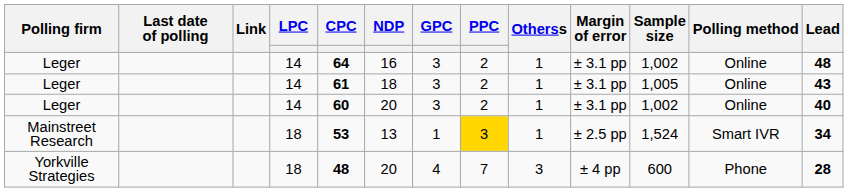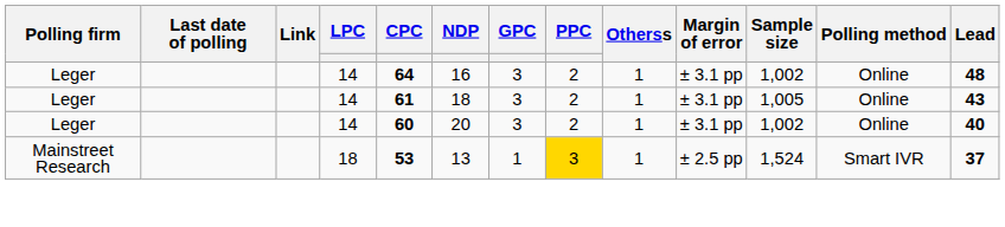 <table class="wikitable sortable mw-datatable" style="text-align:center;font-size:90%;line-height:14px;">
 <tr style="height:40px;">
 <th style="width:105px;" rowspan="2">Polling firm</th>
 <th style="width:105px;" rowspan="2">Last date<br>of polling</th>
 <th rowspan="2">Link</th>
 <th style="width:40px;"><a href='#'>LPC</a></th>
 <th style="width:40px;"><a href='#'>CPC</a></th>
 <th style="width:40px;"><a href='#'>NDP</a></th>
 <th style="width:40px;"><a href='#'>GPC</a></th>
 <th style="width:40px;"><a href='#'>PPC</a></th>
 <th rowspan="2" style="width:40px"><a href='#'>Others</a>s</th>
 <th rowspan="2">Margin<br>of error</th>
 <th rowspan="2">Sample<br>size</th>
 <th rowspan="2">Polling method</th>
 <th rowspan="2">Lead</th>
 </tr>
 <tr class="sorttop">
 <th style="background:"></th>
 <th style="background:"></th>
 <th style="background:"></th>
 <th style="background:"></th>
 <th style="background:"></th>
 </tr>
 <tr>
 <td>Leger</td>
 <td></td>
 <td></td>
 <td>14</td>
 <td><strong>64</strong></td>
 <td>16</td>
 <td>3</td>
 <td>2</td>
 <td>1</td>
 <td>± 3.1 pp</td>
 <td>1,002</td>
 <td>Online</td>
 <td><strong>48</strong></td>
 </tr>
 <tr>
 <td>Leger</td>
 <td></td>
 <td></td>
 <td>14</td>
 <td><strong>61</strong></td>
 <td>18</td>
 <td>3</td>
 <td>2</td>
 <td>1</td>
 <td>± 3.1 pp</td>
 <td>1,005</td>
 <td>Online</td>
 <td><strong>43</strong></td>
 </tr>
 <tr>
 <td>Leger</td>
 <td></td>
 <td></td>
 <td>14</td>
 <td><strong>60</strong></td>
 <td>20</td>
 <td>3</td>
 <td>2</td>
 <td>1</td>
 <td>± 3.1 pp</td>
 <td>1,002</td>
 <td>Online</td>
 <td><strong>40</strong></td>
 </tr>
 <tr>
 <td>Mainstreet Research</td>
 <td></td>
 <td></td>
 <td>18</td>
 <td><strong>53</strong></td>
 <td>13</td>
 <td>1</td>
 <td style="background: gold;">3</td>
 <td>1</td>
 <td>± 2.5 pp</td>
 <td>1,524</td>
 <td>Smart IVR</td>
-<td><strong>34</strong></td>
-</tr>
-<tr>
-<td>Yorkville Strategies</td>
-<td></td>
-<td></td>
-<td>18</td>
-<td><strong>48</strong></td>
-<td>20</td>
-<td>4</td>
-<td>7</td>
-<td>3</td>
-<td>± 4 pp</td>
-<td>600</td>
-<td>Phone</td>
-<td><strong>28</strong></td>
+<td><strong>37</strong></td>
 </tr>
 </table>
